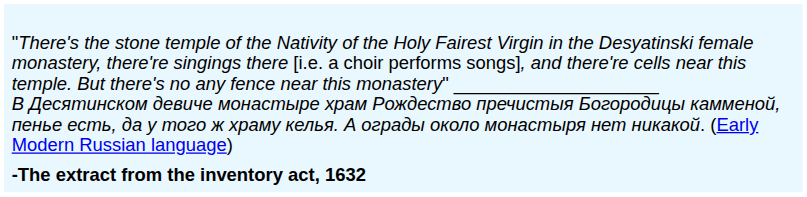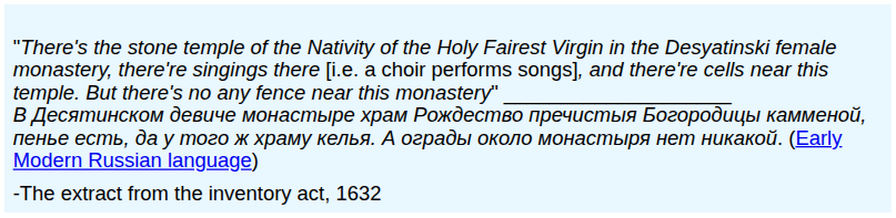 <table class="toccolours" style="font-size: 90%; background:#E9F7FF; color:black;" cellspacing="5">
 <tr>
 <td style="text-align: left;"><br>"<em>There's the stone temple of the Nativity of the Holy Fairest Virgin in the Desyatinski female monastery, there're singings there </em>[i.e. a choir performs songs]<em>, and there're cells near this temple. But there's no any fence near this monastery</em>"  ____________________<br><em>В Десятинском девиче монастыре храм Рождество пречистыя Богородицы камменой, пенье есть, да у того ж храму келья. А ограды около монастыря нет никакой</em>. (<a href='#'>Early Modern Russian language</a>) </td>
 </tr>
 <tr>
-<td style="text-align: left;"><strong>-The extract from the inventory act, 1632</strong></td>
+<td style="text-align: left;">-The extract from the inventory act, 1632</td>
 </tr>
 </table>
